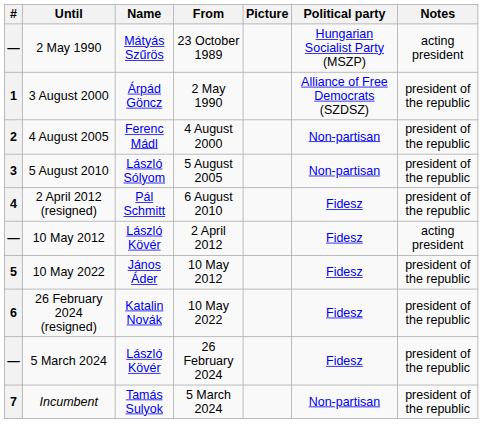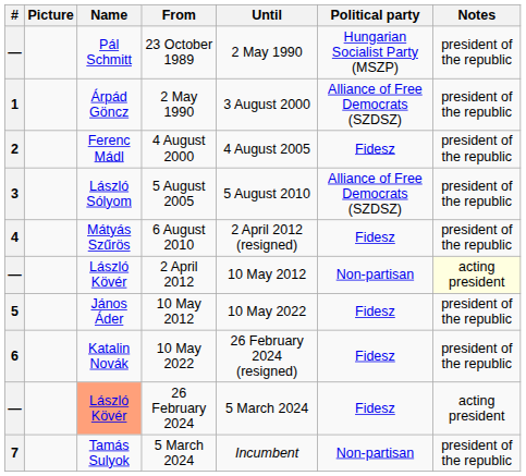 <table class="wikitable" style="text-align:center">
 <tr>
 <th>#</th>
-<th>Until</th>
+<th>Picture</th>
 <th>Name</th>
 <th>From</th>
-<th>Picture</th>
+<th>Until</th>
 <th>Political party</th>
 <th>Notes</th>
 </tr>
 <tr>
 <th style="background-color:">—</th>
+<td></td>
+<td><a href='#'>Pál Schmitt</a></td>
+<td>23 October 1989</td>
 <td>2 May 1990</td>
-<td><a href='#'>Mátyás Szűrös</a></td>
-<td>23 October 1989</td>
-<td></td>
 <td><a href='#'>Hungarian Socialist Party</a> (MSZP)</td>
-<td>acting president</td>
+<td>president of the republic</td>
 </tr>
 <tr>
 <th style="background-color:">1</th>
-<td>3 August 2000</td>
+<td></td>
 <td><a href='#'>Árpád Göncz</a></td>
 <td>2 May 1990</td>
-<td></td>
+<td>3 August 2000</td>
 <td><a href='#'>Alliance of Free Democrats</a> (SZDSZ)</td>
 <td>president of the republic</td>
 </tr>
 <tr>
 <th style="background-color:">2</th>
-<td>4 August 2005</td>
+<td></td>
 <td><a href='#'>Ferenc Mádl</a></td>
 <td>4 August 2000</td>
-<td></td>
-<td><a href='#'>Non-partisan</a></td>
+<td>4 August 2005</td>
+<td><a href='#'>Fidesz</a></td>
 <td>president of the republic</td>
 </tr>
 <tr>
 <th style="background-color:">3</th>
-<td>5 August 2010</td>
+<td></td>
 <td><a href='#'>László Sólyom</a></td>
 <td>5 August 2005</td>
-<td></td>
-<td><a href='#'>Non-partisan</a></td>
+<td>5 August 2010</td>
+<td><a href='#'>Alliance of Free Democrats</a> (SZDSZ)</td>
 <td>president of the republic</td>
 </tr>
 <tr>
 <th style="background-color:">4</th>
+<td></td>
+<td><a href='#'>Mátyás Szűrös</a></td>
+<td>6 August 2010</td>
 <td>2 April 2012<br>(resigned)</td>
-<td><a href='#'>Pál Schmitt</a></td>
-<td>6 August 2010</td>
-<td></td>
 <td><a href='#'>Fidesz</a></td>
 <td>president of the republic</td>
 </tr>
 <tr>
 <th style="background-color:">—</th>
-<td>10 May 2012</td>
+<td></td>
 <td><a href='#'>László Kövér</a></td>
 <td>2 April 2012</td>
-<td></td>
-<td><a href='#'>Fidesz</a></td>
-<td>acting president</td>
+<td>10 May 2012</td>
+<td><a href='#'>Non-partisan</a></td>
+<td style="background: lightyellow;">acting president</td>
 </tr>
 <tr>
 <th style="background-color:">5</th>
-<td>10 May 2022</td>
+<td></td>
 <td><a href='#'>János Áder</a></td>
 <td>10 May 2012</td>
-<td></td>
+<td>10 May 2022</td>
 <td><a href='#'>Fidesz</a></td>
 <td>president of the republic</td>
 </tr>
 <tr>
 <th style="background-color:">6</th>
-<td>26 February 2024 (resigned)</td>
+<td></td>
 <td><a href='#'>Katalin Novák</a></td>
 <td>10 May 2022</td>
-<td></td>
+<td>26 February 2024 (resigned)</td>
 <td><a href='#'>Fidesz</a></td>
 <td>president of the republic</td>
 </tr>
 <tr>
 <th style="background-color:">—</th>
+<td></td>
+<td style="background: lightsalmon;"><a href='#'>László Kövér</a></td>
+<td>26 February 2024</td>
 <td>5 March 2024</td>
-<td><a href='#'>László Kövér</a></td>
-<td>26 February 2024</td>
-<td></td>
 <td><a href='#'>Fidesz</a></td>
-<td>president of the republic</td>
+<td>acting president</td>
 </tr>
 <tr>
 <th style="background-color:">7</th>
-<td><em>Incumbent</em></td>
+<td></td>
 <td><a href='#'>Tamás Sulyok</a></td>
 <td>5 March 2024</td>
-<td></td>
+<td><em>Incumbent</em></td>
 <td><a href='#'>Non-partisan</a></td>
 <td>president of the republic</td>
 </tr>
 </table>
